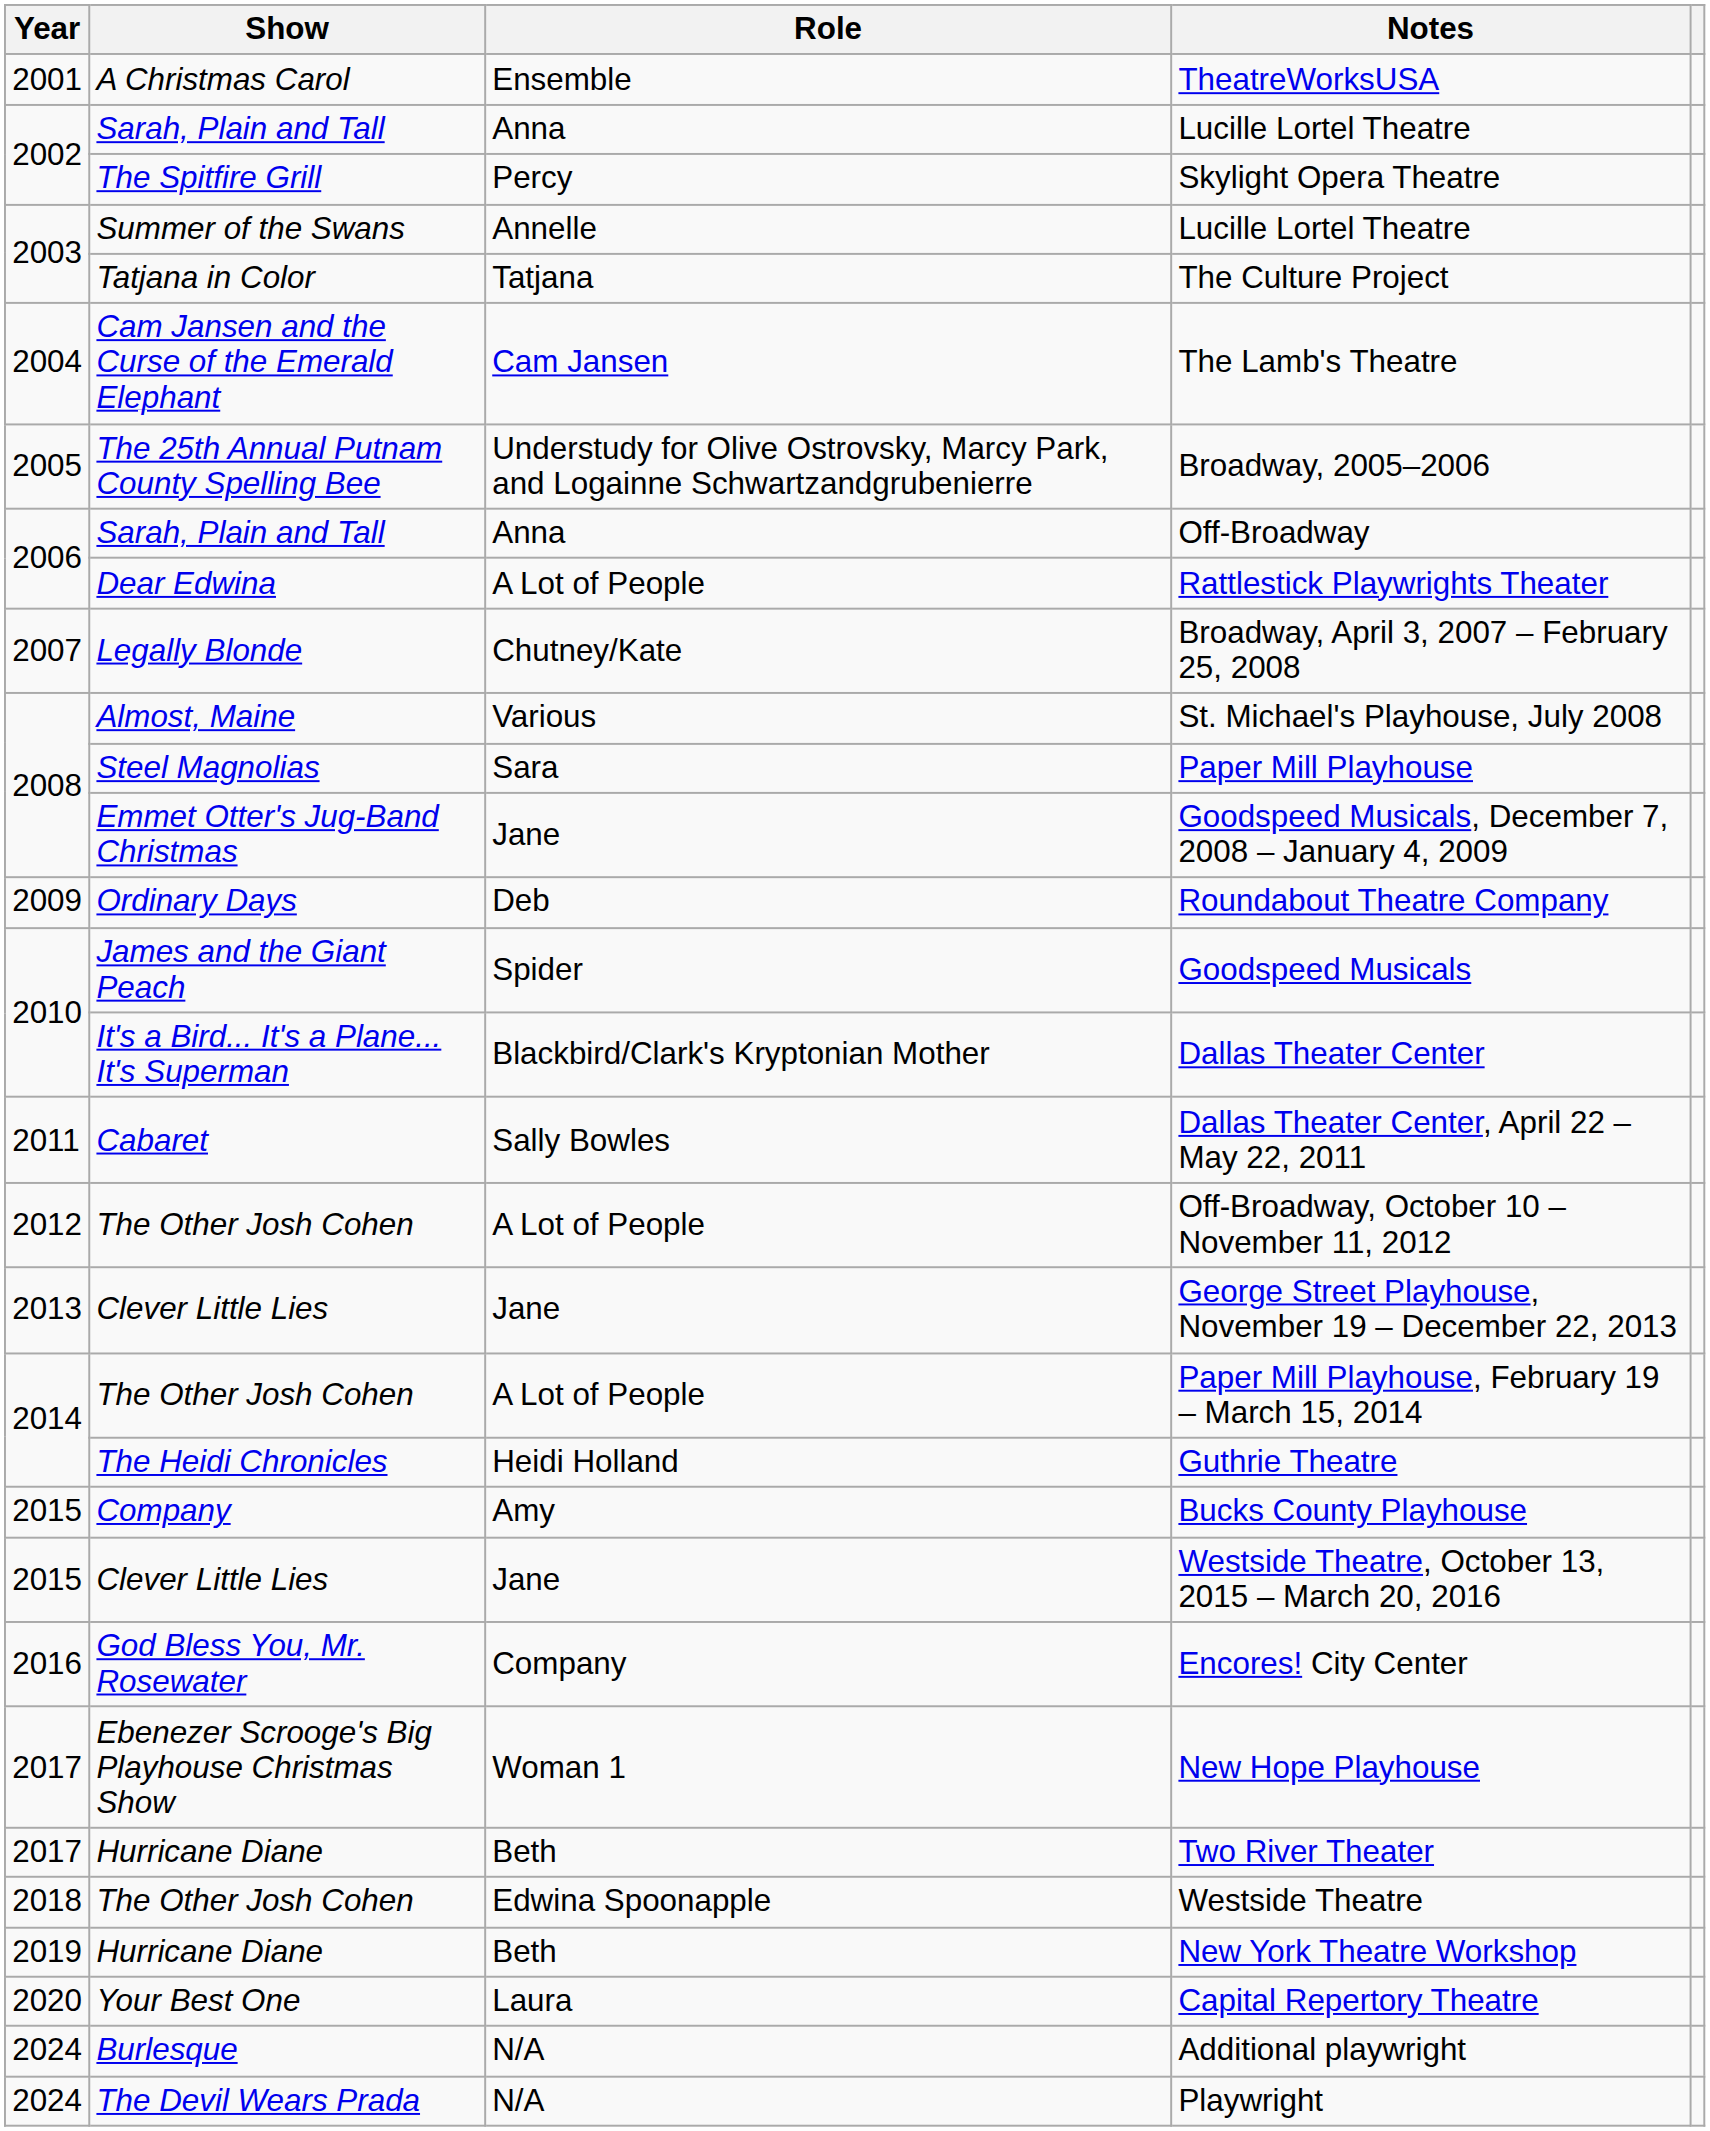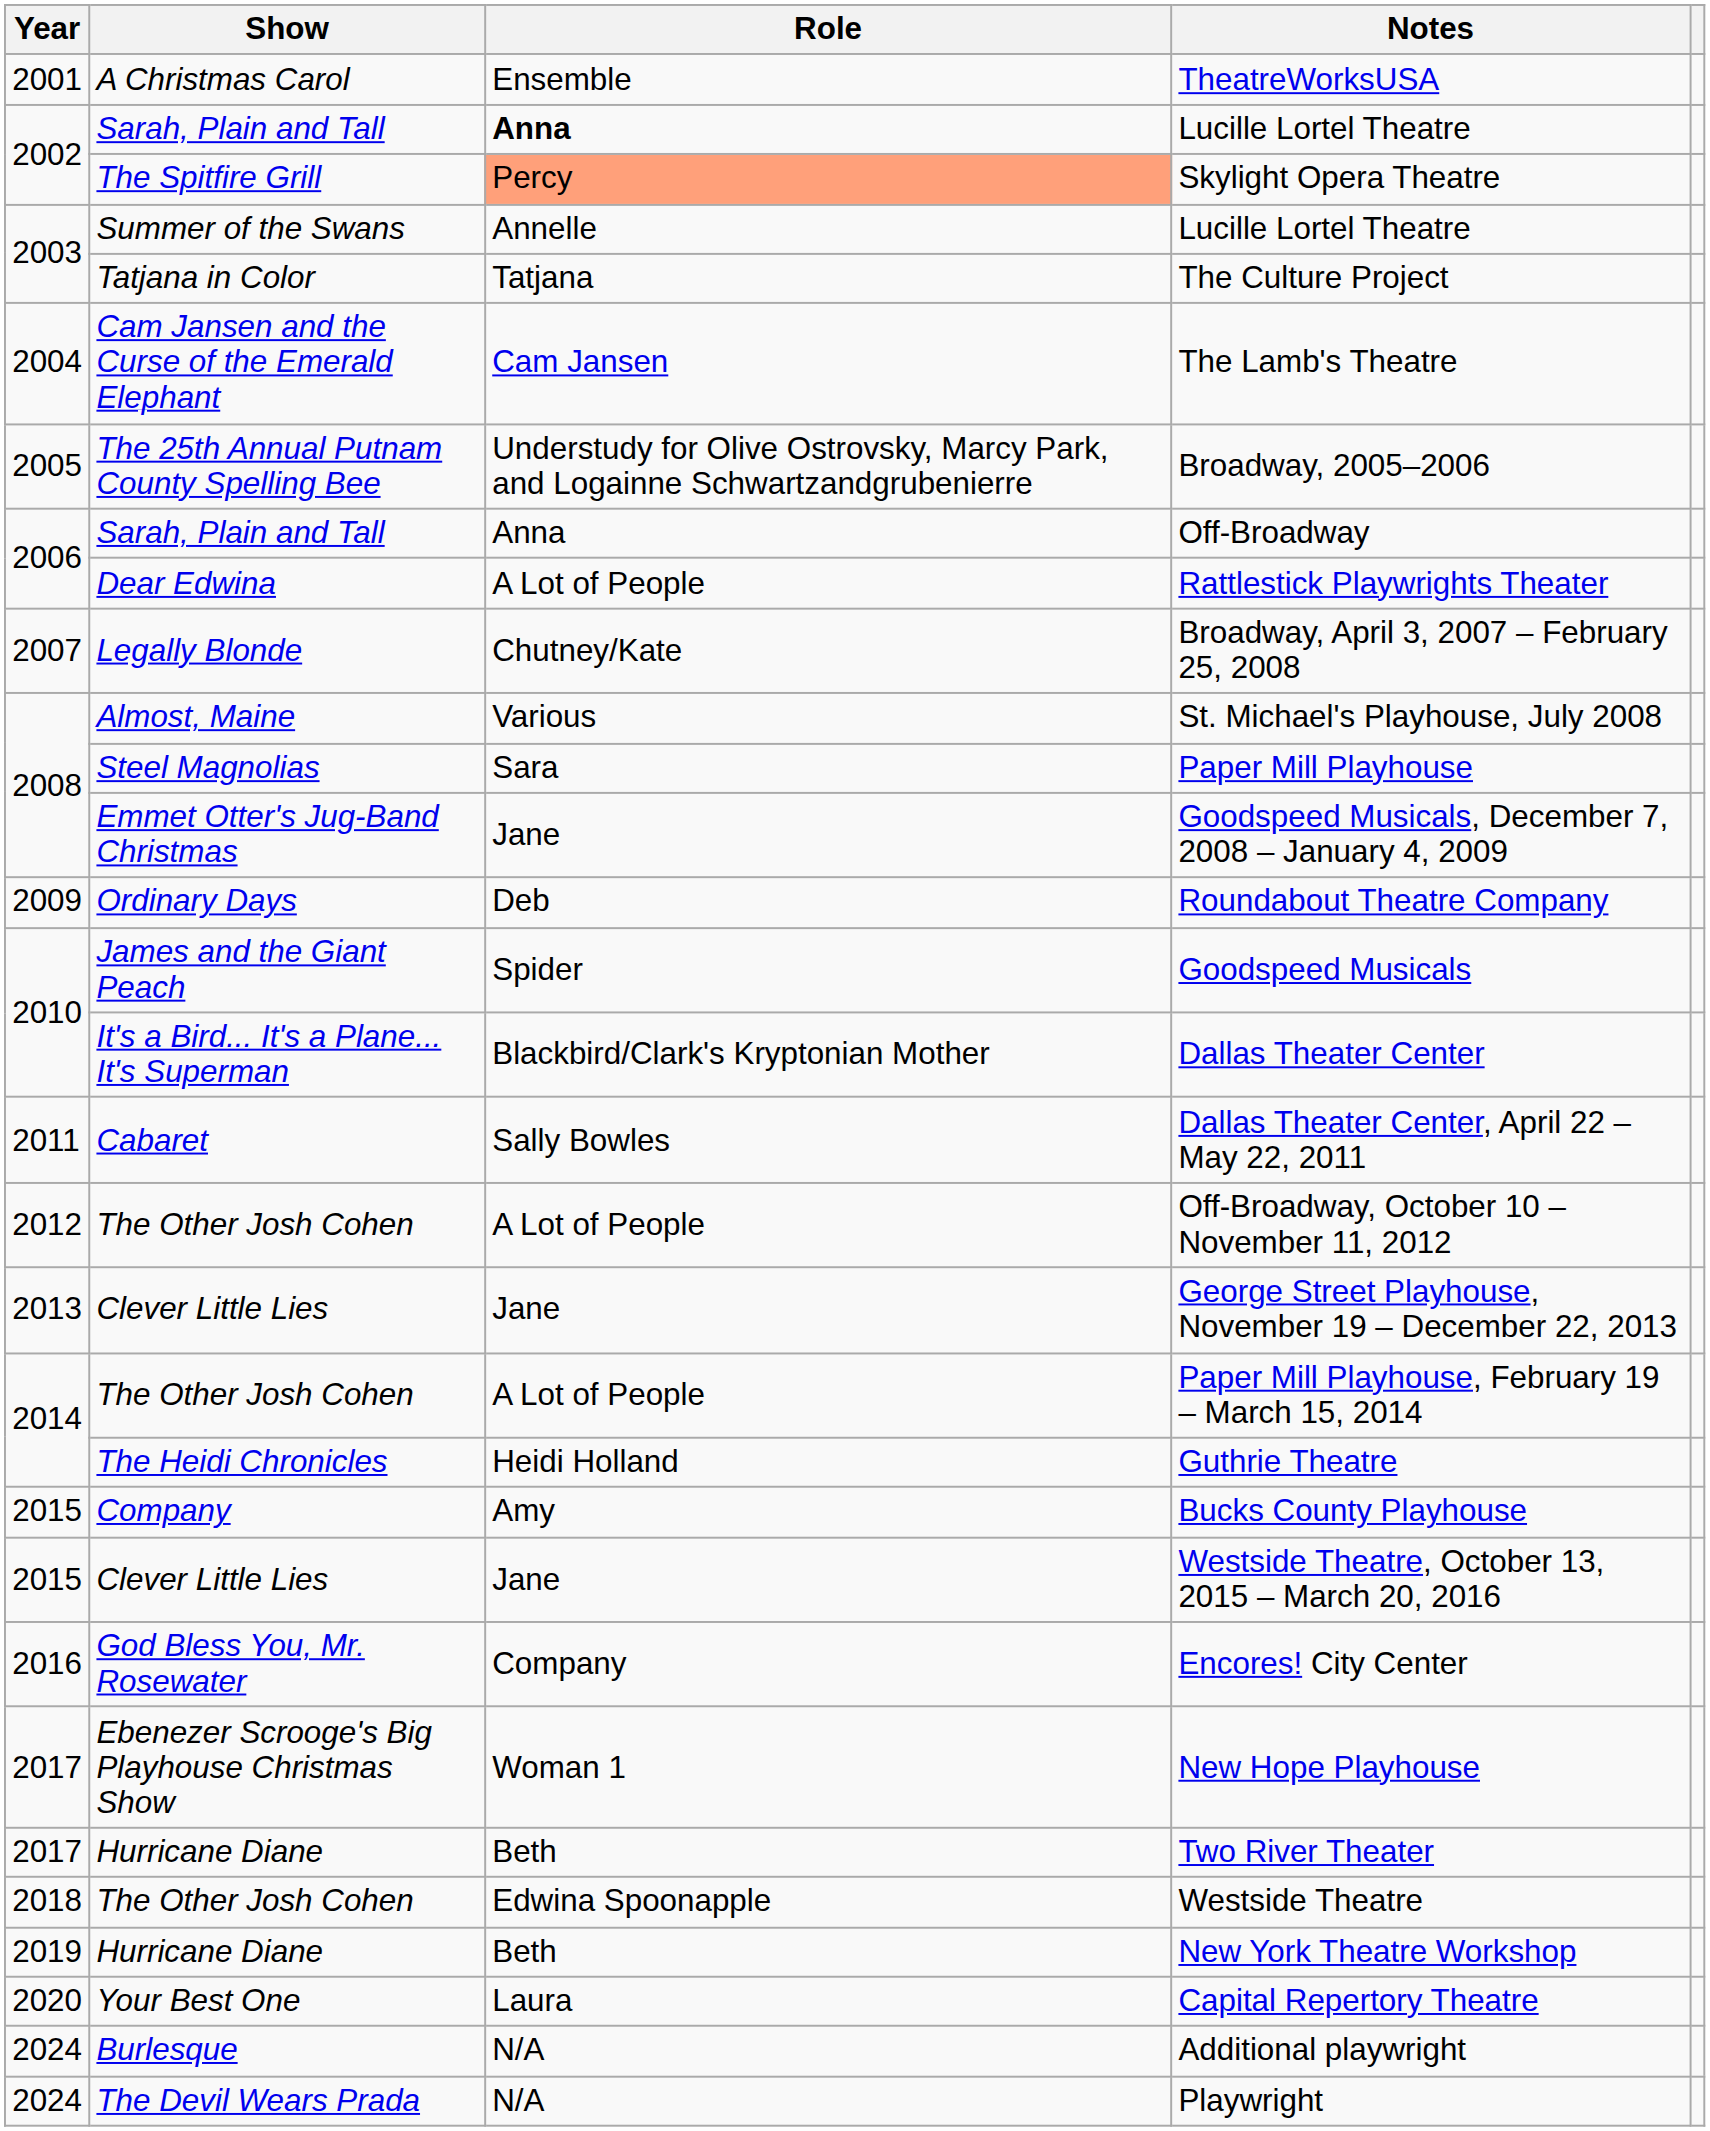 <table class="wikitable">
 <tr>
 <th>Year</th>
 <th>Show</th>
 <th>Role</th>
 <th>Notes</th>
 <th></th>
 </tr>
 <tr>
 <td>2001</td>
 <td><em>A Christmas Carol</em></td>
 <td>Ensemble</td>
 <td><a href='#'>TheatreWorksUSA</a></td>
 <td></td>
 </tr>
 <tr>
 <td rowspan=2>2002</td>
 <td><em><a href='#'>Sarah, Plain and Tall</a></em></td>
-<td>Anna</td>
+<td><strong>Anna</strong></td>
 <td>Lucille Lortel Theatre</td>
 <td></td>
 </tr>
 <tr>
 <td><em><a href='#'>The Spitfire Grill</a></em></td>
-<td>Percy</td>
+<td style="background: lightsalmon;">Percy</td>
 <td>Skylight Opera Theatre</td>
 <td></td>
 </tr>
 <tr>
 <td rowspan=2>2003</td>
 <td><em>Summer of the Swans</em></td>
 <td>Annelle</td>
 <td>Lucille Lortel Theatre</td>
 <td></td>
 </tr>
 <tr>
 <td><em>Tatjana in Color</em></td>
 <td>Tatjana</td>
 <td>The Culture Project</td>
 <td></td>
 </tr>
 <tr>
 <td>2004</td>
 <td><em><a href='#'>Cam Jansen and the Curse of the Emerald Elephant</a></em></td>
 <td><a href='#'>Cam Jansen</a></td>
 <td>The Lamb's Theatre</td>
 <td></td>
 </tr>
 <tr>
 <td>2005</td>
 <td><em><a href='#'>The 25th Annual Putnam County Spelling Bee</a></em></td>
 <td>Understudy for Olive Ostrovsky, Marcy Park, and Logainne Schwartzandgrubenierre</td>
 <td>Broadway, 2005–2006</td>
 <td></td>
 </tr>
 <tr>
 <td rowspan="2">2006</td>
 <td><em><a href='#'>Sarah, Plain and Tall</a></em></td>
 <td>Anna</td>
 <td>Off-Broadway</td>
 <td></td>
 </tr>
 <tr>
 <td><em><a href='#'>Dear Edwina</a></em></td>
 <td>A Lot of People</td>
 <td><a href='#'>Rattlestick Playwrights Theater</a></td>
 <td></td>
 </tr>
 <tr>
 <td>2007</td>
 <td><em><a href='#'>Legally Blonde</a></em></td>
 <td>Chutney/Kate</td>
 <td>Broadway, April 3, 2007 – February 25, 2008</td>
 <td></td>
 </tr>
 <tr>
 <td rowspan="3">2008</td>
 <td><em><a href='#'>Almost, Maine</a></em></td>
 <td>Various</td>
 <td>St. Michael's Playhouse, July 2008</td>
 <td></td>
 </tr>
 <tr>
 <td><em><a href='#'>Steel Magnolias</a></em></td>
 <td>Sara</td>
 <td><a href='#'>Paper Mill Playhouse</a></td>
 <td></td>
 </tr>
 <tr>
 <td><em><a href='#'>Emmet Otter's Jug-Band Christmas</a></em></td>
 <td>Jane</td>
 <td><a href='#'>Goodspeed Musicals</a>, December 7, 2008 – January 4, 2009</td>
 <td></td>
 </tr>
 <tr>
 <td>2009</td>
 <td><em><a href='#'>Ordinary Days</a></em></td>
 <td>Deb</td>
 <td><a href='#'>Roundabout Theatre Company</a></td>
 <td></td>
 </tr>
 <tr>
 <td rowspan="2">2010</td>
 <td><em><a href='#'>James and the Giant Peach</a></em></td>
 <td>Spider</td>
 <td><a href='#'>Goodspeed Musicals</a></td>
 <td></td>
 </tr>
 <tr>
 <td><em><a href='#'>It's a Bird... It's a Plane... It's Superman</a></em></td>
 <td>Blackbird/Clark's Kryptonian Mother</td>
 <td><a href='#'>Dallas Theater Center</a></td>
 <td></td>
 </tr>
 <tr>
 <td>2011</td>
 <td><em><a href='#'>Cabaret</a></em></td>
 <td>Sally Bowles</td>
 <td><a href='#'>Dallas Theater Center</a>, April 22 – May 22, 2011</td>
 <td></td>
 </tr>
 <tr>
 <td>2012</td>
 <td><em>The Other Josh Cohen</em></td>
 <td>A Lot of People</td>
 <td>Off-Broadway, October 10 – November 11, 2012</td>
 <td></td>
 </tr>
 <tr>
 <td>2013</td>
 <td><em>Clever Little Lies</em></td>
 <td>Jane</td>
 <td><a href='#'>George Street Playhouse</a>, November 19 – December 22, 2013</td>
 <td></td>
 </tr>
 <tr>
 <td rowspan="2">2014</td>
 <td><em>The Other Josh Cohen</em></td>
 <td>A Lot of People</td>
 <td><a href='#'>Paper Mill Playhouse</a>, February 19 – March 15, 2014</td>
 <td></td>
 </tr>
 <tr>
 <td><em><a href='#'>The Heidi Chronicles</a></em></td>
 <td>Heidi Holland</td>
 <td><a href='#'>Guthrie Theatre</a></td>
 <td></td>
 </tr>
 <tr>
 <td>2015</td>
 <td><em><a href='#'>Company</a></em></td>
 <td>Amy</td>
 <td><a href='#'>Bucks County Playhouse</a></td>
 <td></td>
 </tr>
 <tr>
 <td>2015</td>
 <td><em>Clever Little Lies</em></td>
 <td>Jane</td>
 <td><a href='#'>Westside Theatre</a>, October 13, 2015 – March 20, 2016</td>
 <td></td>
 </tr>
 <tr>
 <td>2016</td>
 <td><em><a href='#'>God Bless You, Mr. Rosewater</a></em></td>
 <td>Company</td>
 <td><a href='#'>Encores!</a> City Center</td>
 <td></td>
 </tr>
 <tr>
 <td>2017</td>
 <td><em>Ebenezer Scrooge's Big Playhouse Christmas Show</em></td>
 <td>Woman 1</td>
 <td><a href='#'>New Hope Playhouse</a></td>
 <td></td>
 </tr>
 <tr>
 <td>2017</td>
 <td><em>Hurricane Diane</em></td>
 <td>Beth</td>
 <td><a href='#'>Two River Theater</a></td>
 <td></td>
 </tr>
 <tr>
 <td>2018</td>
 <td><em>The Other Josh Cohen</em></td>
 <td>Edwina Spoonapple</td>
 <td>Westside Theatre</td>
 <td></td>
 </tr>
 <tr>
 <td>2019</td>
 <td><em>Hurricane Diane</em></td>
 <td>Beth</td>
 <td><a href='#'>New York Theatre Workshop</a></td>
 <td></td>
 </tr>
 <tr>
 <td>2020</td>
 <td><em>Your Best One</em></td>
 <td>Laura</td>
 <td><a href='#'>Capital Repertory Theatre</a></td>
 <td></td>
 </tr>
 <tr>
 <td>2024</td>
 <td><em><a href='#'>Burlesque</a></em></td>
 <td>N/A</td>
 <td>Additional playwright</td>
 </tr>
 <tr>
 <td>2024</td>
 <td><em><a href='#'>The Devil Wears Prada</a></em></td>
 <td>N/A</td>
 <td>Playwright</td>
 <td></td>
 </tr>
 </table>
